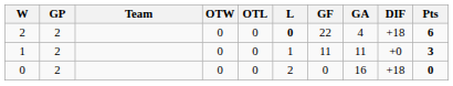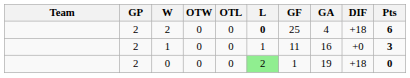 <table class="wikitable" style="text-align:center;">
 <tr>
+<th width=165>Team</th>
+<th width=40>GP</th>
 <th width=40>W</th>
-<th width=40>GP</th>
-<th width=165>Team</th>
 <th width=40>OTW</th>
 <th width=40>OTL</th>
 <th width=40>L</th>
 <th width=40>GF</th>
 <th width=40>GA</th>
 <th width=40>DIF</th>
 <th width=40>Pts</th>
 </tr>
 <tr>
+<td style="text-align:left;"></td>
 <td>2</td>
 <td>2</td>
-<td style="text-align:left;"></td>
 <td>0</td>
 <td>0</td>
 <td><strong>0</strong></td>
-<td>22</td>
+<td>25</td>
 <td>4</td>
 <td>+18</td>
 <td><strong>6</strong></td>
 </tr>
 <tr>
+<td style="text-align:left;"></td>
+<td>2</td>
 <td>1</td>
-<td>2</td>
-<td style="text-align:left;"></td>
 <td>0</td>
 <td>0</td>
 <td>1</td>
 <td>11</td>
-<td>11</td>
+<td>16</td>
 <td>+0</td>
 <td><strong>3</strong></td>
 </tr>
 <tr>
-<td>0</td>
+<td style="text-align:left;"></td>
 <td>2</td>
-<td style="text-align:left;"></td>
 <td>0</td>
 <td>0</td>
-<td>2</td>
 <td>0</td>
-<td>16</td>
+<td style="background: lightgreen;">2</td>
+<td>1</td>
+<td>19</td>
 <td>+18</td>
 <td><strong>0</strong></td>
 </tr>
 </table>
